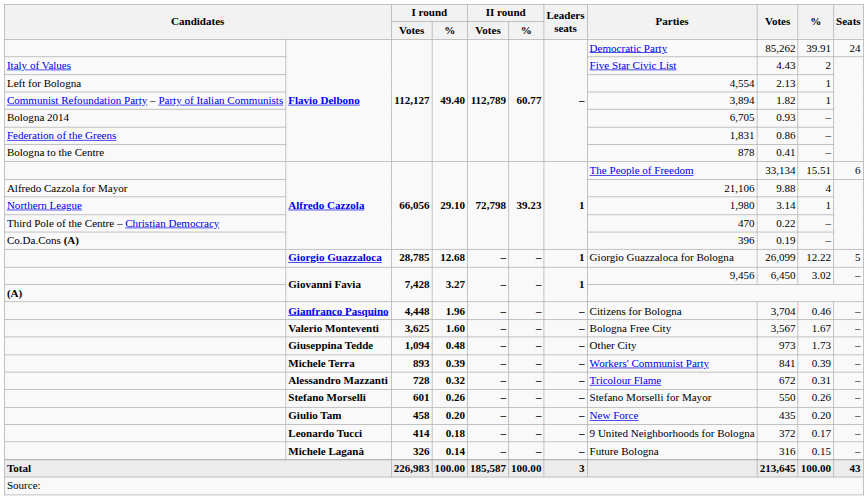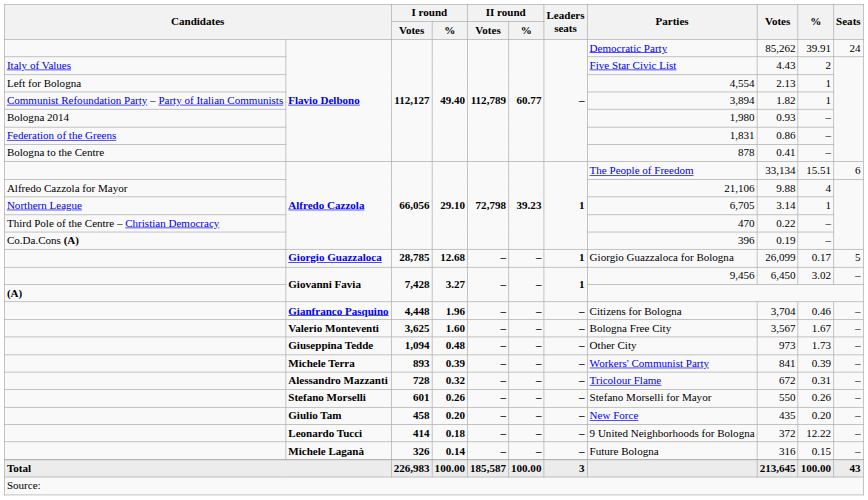 <table class="wikitable" style="text-align:left">
 <tr>
 <th rowspan=2 colspan="2">Candidates</th>
 <th colspan=2>I round</th>
 <th colspan=2>II round</th>
 <th rowspan=2>Leaders<br> seats</th>
 <th rowspan=2>Parties</th>
 <th rowspan=2>Votes</th>
 <th rowspan=2>%</th>
 <th rowspan=2>Seats</th>
 </tr>
 <tr>
 <th>Votes</th>
 <th>%</th>
 <th>Votes</th>
 <th>%</th>
 </tr>
 <tr>
 <td></td>
 <td rowspan=7><strong><a href='#'>Flavio Delbono</a></strong></td>
 <td rowspan=7 align=right><strong>112,127</strong></td>
 <td rowspan=7 align=right><strong>49.40</strong></td>
 <td rowspan=7 align=right><strong>112,789</strong></td>
 <td rowspan=7 align=right><strong>60.77</strong></td>
 <td rowspan=7 align=right><strong>–</strong></td>
 <td><a href='#'>Democratic Party</a></td>
 <td align=right>85,262</td>
 <td align=right>39.91</td>
 <td align=right>24</td>
 </tr>
 <tr>
 <td><a href='#'>Italy of Values</a></td>
 <td><a href='#'>Five Star Civic List</a></td>
 <td align=right>4.43</td>
 <td align=right>2</td>
 </tr>
 <tr>
 <td>Left for Bologna</td>
 <td align=right>4,554</td>
 <td align=right>2.13</td>
 <td align=right>1</td>
 </tr>
 <tr>
 <td><a href='#'>Communist Refoundation Party</a> – <a href='#'>Party of Italian Communists</a></td>
 <td align=right>3,894</td>
 <td align=right>1.82</td>
 <td align=right>1</td>
 </tr>
 <tr>
 <td>Bologna 2014</td>
-<td align=right>6,705</td>
+<td align=right>1,980</td>
 <td align=right>0.93</td>
 <td align=right>–</td>
 </tr>
 <tr>
 <td><a href='#'>Federation of the Greens</a></td>
 <td align=right>1,831</td>
 <td align=right>0.86</td>
 <td align=right>–</td>
 </tr>
 <tr>
 <td>Bologna to the Centre</td>
 <td align=right>878</td>
 <td align=right>0.41</td>
 <td align=right>–</td>
 </tr>
 <tr>
 <td></td>
 <td rowspan=5><strong><a href='#'>Alfredo Cazzola</a></strong></td>
 <td rowspan=5 align=right><strong>66,056</strong></td>
 <td rowspan=5 align=right><strong>29.10</strong></td>
 <td rowspan=5 align=right><strong>72,798</strong></td>
 <td rowspan=5 align=right><strong>39.23</strong></td>
 <td rowspan=5 align=right><strong>1</strong></td>
 <td><a href='#'>The People of Freedom</a></td>
 <td align=right>33,134</td>
 <td align=right>15.51</td>
 <td align=right>6</td>
 </tr>
 <tr>
 <td>Alfredo Cazzola for Mayor</td>
 <td align=right>21,106</td>
 <td align=right>9.88</td>
 <td align=right>4</td>
 </tr>
 <tr>
 <td><a href='#'>Northern League</a></td>
-<td align=right>1,980</td>
+<td align=right>6,705</td>
 <td align=right>3.14</td>
 <td align=right>1</td>
 </tr>
 <tr>
 <td>Third Pole of the Centre – <a href='#'>Christian Democracy</a></td>
 <td align=right>470</td>
 <td align=right>0.22</td>
 <td align=right>–</td>
 </tr>
 <tr>
 <td>Co.Da.Cons <strong>(A)</strong></td>
 <td align=right>396</td>
 <td align=right>0.19</td>
 <td align=right>–</td>
 </tr>
 <tr>
 <td></td>
 <td><strong><a href='#'>Giorgio Guazzaloca</a></strong></td>
 <td align=right><strong>28,785</strong></td>
 <td align=right><strong>12.68</strong></td>
 <td align=right><strong>–</strong></td>
 <td align=right><strong>–</strong></td>
 <td align=right><strong>1</strong></td>
 <td>Giorgio Guazzaloca for Bologna</td>
 <td align=right>26,099</td>
-<td align=right>12.22</td>
+<td align=right>0.17</td>
 <td align=right>5</td>
 </tr>
 <tr>
 <td></td>
 <td rowspan=2><strong>Giovanni Favia</strong></td>
 <td rowspan=2 align=right><strong>7,428</strong></td>
 <td rowspan=2 align=right><strong>3.27</strong></td>
 <td rowspan=2 align=right><strong>–</strong></td>
 <td rowspan=2 align=right><strong>–</strong></td>
 <td rowspan=2 align=right><strong>1</strong></td>
 <td align=right>9,456</td>
 <td align=right>6,450</td>
 <td align=right>3.02</td>
 <td align=right>–</td>
 </tr>
 <tr>
 <td colspan=4><strong>(A)</strong></td>
 </tr>
 <tr>
 <td></td>
 <td><strong><a href='#'>Gianfranco Pasquino</a></strong></td>
 <td align=right><strong>4,448</strong></td>
 <td align=right><strong>1.96</strong></td>
 <td align=right><strong>–</strong></td>
 <td align=right><strong>–</strong></td>
 <td align=right><strong>–</strong></td>
 <td>Citizens for Bologna</td>
 <td align=right>3,704</td>
 <td align=right>0.46</td>
 <td align=right>–</td>
 </tr>
 <tr>
 <td></td>
 <td><strong>Valerio Monteventi</strong></td>
 <td align=right><strong>3,625</strong></td>
 <td align=right><strong>1.60</strong></td>
 <td align=right><strong>–</strong></td>
 <td align=right><strong>–</strong></td>
 <td align=right><strong>–</strong></td>
 <td>Bologna Free City</td>
 <td align=right>3,567</td>
 <td align=right>1.67</td>
 <td align=right>–</td>
 </tr>
 <tr>
 <td></td>
 <td><strong>Giuseppina Tedde</strong></td>
 <td align=right><strong>1,094</strong></td>
 <td align=right><strong>0.48</strong></td>
 <td align=right><strong>–</strong></td>
 <td align=right><strong>–</strong></td>
 <td align=right><strong>–</strong></td>
 <td>Other City</td>
 <td align=right>973</td>
 <td align=right>1.73</td>
 <td align=right>–</td>
 </tr>
 <tr>
 <td></td>
 <td><strong>Michele Terra</strong></td>
 <td align=right><strong>893</strong></td>
 <td align=right><strong>0.39</strong></td>
 <td align=right><strong>–</strong></td>
 <td align=right><strong>–</strong></td>
 <td align=right><strong>–</strong></td>
 <td><a href='#'>Workers' Communist Party</a></td>
 <td align=right>841</td>
 <td align=right>0.39</td>
 <td align=right>–</td>
 </tr>
 <tr>
 <td></td>
 <td><strong>Alessandro Mazzanti</strong></td>
 <td align=right><strong>728</strong></td>
 <td align=right><strong>0.32</strong></td>
 <td align=right><strong>–</strong></td>
 <td align=right><strong>–</strong></td>
 <td align=right><strong>–</strong></td>
 <td><a href='#'>Tricolour Flame</a></td>
 <td align=right>672</td>
 <td align=right>0.31</td>
 <td align=right>–</td>
 </tr>
 <tr>
 <td></td>
 <td><strong>Stefano Morselli</strong></td>
 <td align=right><strong>601</strong></td>
 <td align=right><strong>0.26</strong></td>
 <td align=right><strong>–</strong></td>
 <td align=right><strong>–</strong></td>
 <td align=right><strong>–</strong></td>
 <td>Stefano Morselli for Mayor</td>
 <td align=right>550</td>
 <td align=right>0.26</td>
 <td align=right>–</td>
 </tr>
 <tr>
 <td></td>
 <td><strong>Giulio Tam</strong></td>
 <td align=right><strong>458</strong></td>
 <td align=right><strong>0.20</strong></td>
 <td align=right><strong>–</strong></td>
 <td align=right><strong>–</strong></td>
 <td align=right><strong>–</strong></td>
 <td><a href='#'>New Force</a></td>
 <td align=right>435</td>
 <td align=right>0.20</td>
 <td align=right>–</td>
 </tr>
 <tr>
 <td></td>
 <td><strong>Leonardo Tucci</strong></td>
 <td align=right><strong>414</strong></td>
 <td align=right><strong>0.18</strong></td>
 <td align=right><strong>–</strong></td>
 <td align=right><strong>–</strong></td>
 <td align=right><strong>–</strong></td>
 <td>9 United Neighborhoods for Bologna</td>
 <td align=right>372</td>
-<td align=right>0.17</td>
+<td align=right>12.22</td>
 <td align=right>–</td>
 </tr>
 <tr>
 <td></td>
 <td><strong>Michele Laganà</strong></td>
 <td align=right><strong>326</strong></td>
 <td align=right><strong>0.14</strong></td>
 <td align=right><strong>–</strong></td>
 <td align=right><strong>–</strong></td>
 <td align=right><strong>–</strong></td>
 <td>Future Bologna</td>
 <td align=right>316</td>
 <td align=right>0.15</td>
 <td align=right>–</td>
 </tr>
 <tr>
 </tr>
 <tr bgcolor=ececec>
 <td colspan="2"><strong>Total</strong></td>
 <td align=right><strong>226,983</strong></td>
 <td align=right><strong>100.00</strong></td>
 <td align=right><strong>185,587</strong></td>
 <td align=right><strong>100.00</strong></td>
 <td align=right><strong>3</strong></td>
 <td align=right></td>
 <td align=right><strong>213,645</strong></td>
 <td align=right><strong>100.00</strong></td>
 <td align=right><strong>43</strong></td>
 </tr>
 <tr>
 <td style="text-align:left;" colspan="11">Source: </td>
 </tr>
 </table>
